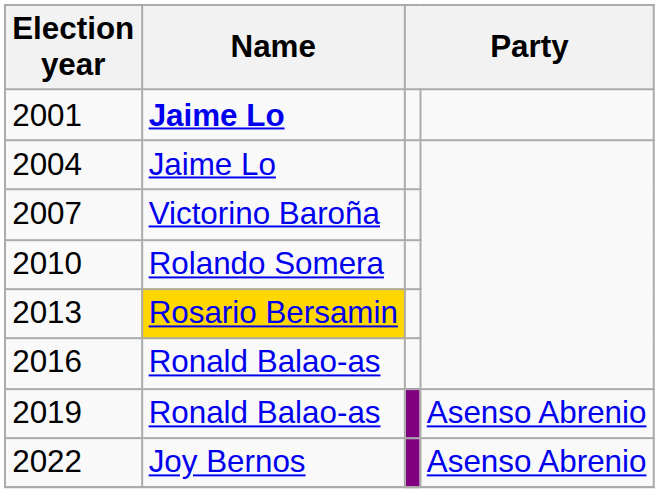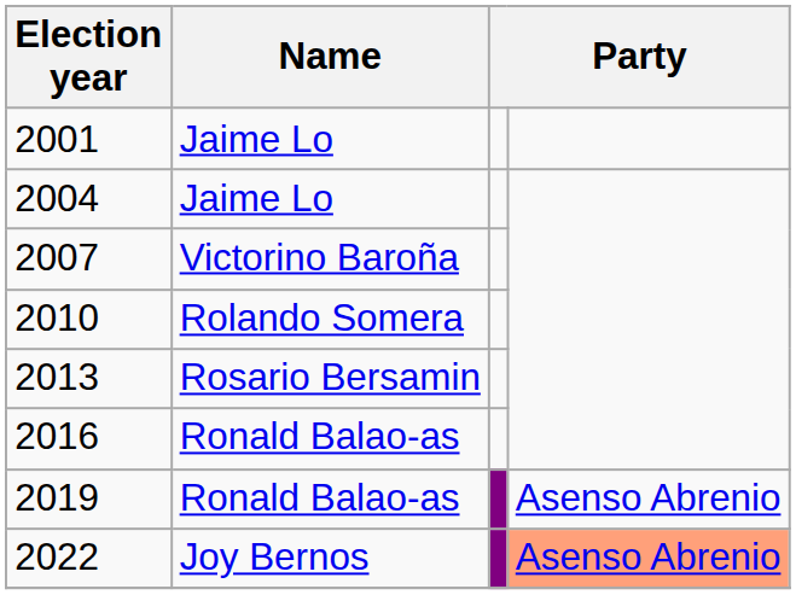 <table class=wikitable>
 <tr>
 <th>Election<br>year</th>
 <th>Name</th>
 <th colspan=2>Party</th>
 </tr>
 <tr>
 <td>2001</td>
-<td><strong><a href='#'>Jaime Lo</a></strong></td>
+<td><a href='#'>Jaime Lo</a></td>
 <td></td>
 <td></td>
 </tr>
 <tr>
 <td>2004</td>
 <td><a href='#'>Jaime Lo</a></td>
 <td></td>
 </tr>
 <tr>
 <td>2007</td>
 <td><a href='#'>Victorino Baroña</a></td>
 <td></td>
 </tr>
 <tr>
 <td>2010</td>
 <td><a href='#'>Rolando Somera</a></td>
 <td></td>
 </tr>
 <tr>
 <td>2013</td>
-<td style="background: gold;"><a href='#'>Rosario Bersamin</a></td>
+<td><a href='#'>Rosario Bersamin</a></td>
 <td></td>
 </tr>
 <tr>
 <td>2016</td>
 <td><a href='#'>Ronald Balao-as</a></td>
 <td></td>
 </tr>
 <tr>
 <td>2019</td>
 <td><a href='#'>Ronald Balao-as</a></td>
 <td bgcolor=#800080></td>
 <td><a href='#'>Asenso Abrenio</a></td>
 </tr>
 <tr>
 <td>2022</td>
 <td><a href='#'>Joy Bernos</a></td>
 <td bgcolor=#800080></td>
-<td><a href='#'>Asenso Abrenio</a></td>
+<td style="background: lightsalmon;"><a href='#'>Asenso Abrenio</a></td>
 </tr>
 <tr>
 </tr>
 </table>
